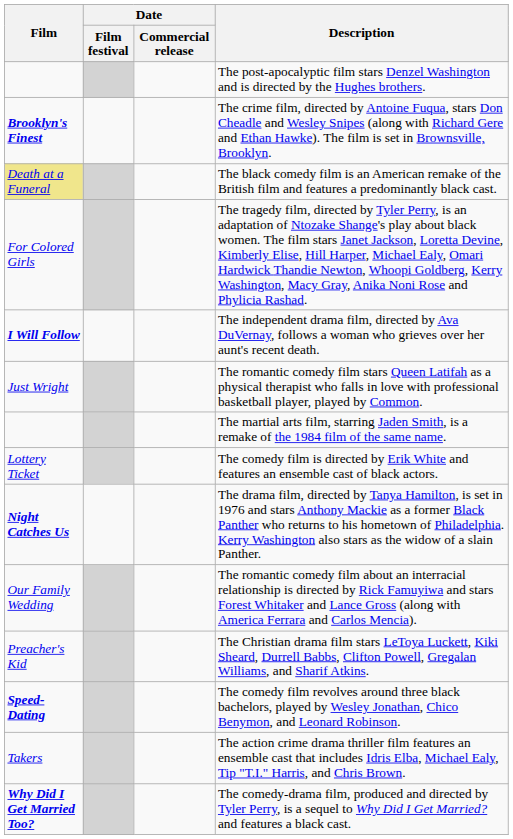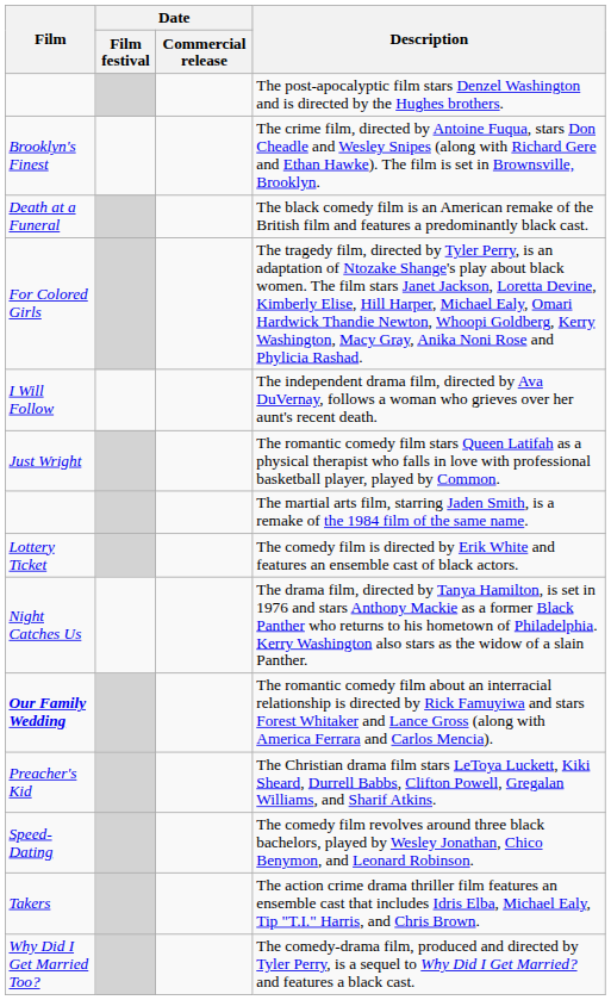 <table class="wikitable sortable">
 <tr style="background:#ccc; text-align:center;">
 <th scope="col" rowspan="2">Film</th>
 <th scope="col" colspan="2">Date</th>
 <th scope="col" rowspan="2" class="unsortable">Description</th>
 </tr>
 <tr>
 <th>Film festival</th>
 <th>Commercial release</th>
 </tr>
 <tr>
 <td><em></em></td>
 <td style="background: lightgray"></td>
 <td></td>
 <td>The post-apocalyptic film stars <a href='#'>Denzel Washington</a> and is directed by the <a href='#'>Hughes brothers</a>.</td>
 </tr>
 <tr>
-<td><strong><em><a href='#'>Brooklyn's Finest</a></em></strong></td>
+<td><em><a href='#'>Brooklyn's Finest</a></em></td>
 <td></td>
 <td></td>
 <td>The crime film, directed by <a href='#'>Antoine Fuqua</a>, stars <a href='#'>Don Cheadle</a> and <a href='#'>Wesley Snipes</a> (along with <a href='#'>Richard Gere</a> and <a href='#'>Ethan Hawke</a>). The film is set in <a href='#'>Brownsville, Brooklyn</a>.</td>
 </tr>
 <tr>
-<td style="background: khaki;"><em><a href='#'>Death at a Funeral</a></em></td>
+<td><em><a href='#'>Death at a Funeral</a></em></td>
 <td style="background: lightgray"></td>
 <td></td>
 <td>The black comedy film is an American remake of the British film and features a predominantly black cast.</td>
 </tr>
 <tr>
 <td><em><a href='#'>For Colored Girls</a></em></td>
 <td style="background: lightgray"></td>
 <td></td>
 <td>The tragedy film, directed by <a href='#'>Tyler Perry</a>, is an adaptation of <a href='#'>Ntozake Shange</a>'s play about black women. The film stars <a href='#'>Janet Jackson</a>, <a href='#'>Loretta Devine</a>, <a href='#'>Kimberly Elise</a>, <a href='#'>Hill Harper</a>, <a href='#'>Michael Ealy</a>, <a href='#'>Omari Hardwick </a><a href='#'>Thandie Newton</a>, <a href='#'>Whoopi Goldberg</a>, <a href='#'>Kerry Washington</a>, <a href='#'>Macy Gray</a>, <a href='#'>Anika Noni Rose</a> and <a href='#'>Phylicia Rashad</a>.</td>
 </tr>
 <tr>
-<td><strong><em><a href='#'>I Will Follow</a></em></strong></td>
+<td><em><a href='#'>I Will Follow</a></em></td>
 <td></td>
 <td></td>
 <td>The independent drama film, directed by <a href='#'>Ava DuVernay</a>, follows a woman who grieves over her aunt's recent death.</td>
 </tr>
 <tr>
 <td><em><a href='#'>Just Wright</a></em></td>
 <td style="background: lightgray"></td>
 <td></td>
 <td>The romantic comedy film stars <a href='#'>Queen Latifah</a> as a physical therapist who falls in love with professional basketball player, played by <a href='#'>Common</a>.</td>
 </tr>
 <tr>
 <td><em></em></td>
 <td style="background: lightgray"></td>
 <td></td>
 <td>The martial arts film, starring <a href='#'>Jaden Smith</a>, is a remake of <a href='#'>the 1984 film of the same name</a>.</td>
 </tr>
 <tr>
 <td><em><a href='#'>Lottery Ticket</a></em></td>
 <td style="background: lightgray"></td>
 <td></td>
 <td>The comedy film is directed by <a href='#'>Erik White</a> and features an ensemble cast of black actors.</td>
 </tr>
 <tr>
-<td><strong><em><a href='#'>Night Catches Us</a></em></strong></td>
+<td><em><a href='#'>Night Catches Us</a></em></td>
 <td></td>
 <td></td>
 <td>The drama film, directed by <a href='#'>Tanya Hamilton</a>, is set in 1976 and stars <a href='#'>Anthony Mackie</a> as a former <a href='#'>Black Panther</a> who returns to his hometown of <a href='#'>Philadelphia</a>. <a href='#'>Kerry Washington</a> also stars as the widow of a slain Panther.</td>
 </tr>
 <tr>
-<td><em><a href='#'>Our Family Wedding</a></em></td>
+<td><strong><em><a href='#'>Our Family Wedding</a></em></strong></td>
 <td style="background: lightgray"></td>
 <td></td>
 <td>The romantic comedy film about an interracial relationship is directed by <a href='#'>Rick Famuyiwa</a> and stars <a href='#'>Forest Whitaker</a> and <a href='#'>Lance Gross</a> (along with <a href='#'>America Ferrara</a> and <a href='#'>Carlos Mencia</a>).</td>
 </tr>
 <tr>
 <td><em><a href='#'>Preacher's Kid</a></em></td>
 <td style="background: lightgray"></td>
 <td></td>
 <td>The Christian drama film stars <a href='#'>LeToya Luckett</a>, <a href='#'>Kiki Sheard</a>, <a href='#'>Durrell Babbs</a>, <a href='#'>Clifton Powell</a>, <a href='#'>Gregalan Williams</a>, and <a href='#'>Sharif Atkins</a>.</td>
 </tr>
 <tr>
-<td><strong><em><a href='#'>Speed-Dating</a></em></strong></td>
+<td><em><a href='#'>Speed-Dating</a></em></td>
 <td style="background: lightgray"></td>
 <td></td>
 <td>The comedy film revolves around three black bachelors, played by <a href='#'>Wesley Jonathan</a>, <a href='#'>Chico Benymon</a>, and <a href='#'>Leonard Robinson</a>.</td>
 </tr>
 <tr>
 <td><em><a href='#'>Takers</a></em></td>
 <td style="background: lightgray"></td>
 <td></td>
 <td>The action crime drama thriller film features an ensemble cast that includes <a href='#'>Idris Elba</a>, <a href='#'>Michael Ealy</a>, <a href='#'>Tip "T.I." Harris</a>, and <a href='#'>Chris Brown</a>.</td>
 </tr>
 <tr>
-<td><strong><em><a href='#'>Why Did I Get Married Too?</a></em></strong></td>
+<td><em><a href='#'>Why Did I Get Married Too?</a></em></td>
 <td style="background: lightgray"></td>
 <td></td>
 <td>The comedy-drama film, produced and directed by <a href='#'>Tyler Perry</a>, is a sequel to <em><a href='#'>Why Did I Get Married?</a></em> and features a black cast.</td>
 </tr>
 </table>
